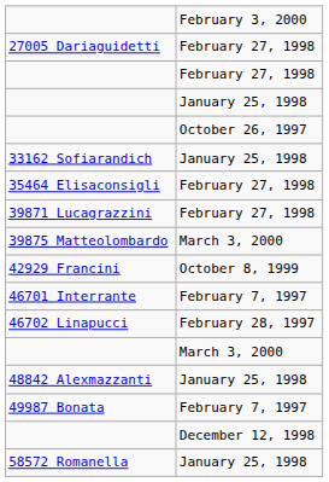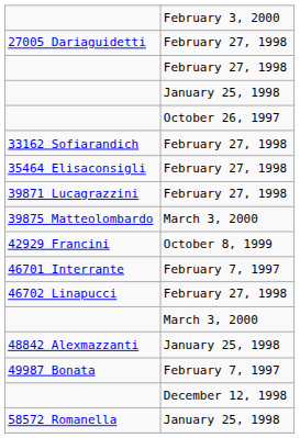 <table class="wikitable" style="font-size: 89%; float: left; width: 24em; margin-right: 1em; line-height: 1.6em !important;">
 <tr>
 <td> </td>
 <td>February 3, 2000</td>
 </tr>
 <tr>
 <td><a href='#'>27005 Dariaguidetti</a> </td>
 <td>February 27, 1998</td>
 </tr>
 <tr>
 <td> </td>
 <td>February 27, 1998</td>
 </tr>
 <tr>
 <td> </td>
 <td>January 25, 1998</td>
 </tr>
 <tr>
 <td> </td>
 <td>October 26, 1997</td>
 </tr>
 <tr>
 <td><a href='#'>33162 Sofiarandich</a> </td>
-<td>January 25, 1998</td>
+<td>February 27, 1998</td>
 </tr>
 <tr>
 <td><a href='#'>35464 Elisaconsigli</a> </td>
 <td>February 27, 1998</td>
 </tr>
 <tr>
 <td><a href='#'>39871 Lucagrazzini</a> </td>
 <td>February 27, 1998</td>
 </tr>
 <tr>
 <td><a href='#'>39875 Matteolombardo</a> </td>
 <td>March 3, 2000</td>
 </tr>
 <tr>
 <td><a href='#'>42929 Francini</a> </td>
 <td>October 8, 1999</td>
 </tr>
 <tr>
 <td><a href='#'>46701 Interrante</a> </td>
 <td>February 7, 1997</td>
 </tr>
 <tr>
 <td><a href='#'>46702 Linapucci</a> </td>
-<td>February 28, 1997</td>
+<td>February 27, 1998</td>
 </tr>
 <tr>
 <td> </td>
 <td>March 3, 2000</td>
 </tr>
 <tr>
 <td><a href='#'>48842 Alexmazzanti</a> </td>
 <td>January 25, 1998</td>
 </tr>
 <tr>
 <td><a href='#'>49987 Bonata</a> </td>
 <td>February 7, 1997</td>
 </tr>
 <tr>
 <td> </td>
 <td>December 12, 1998</td>
 </tr>
 <tr>
 <td><a href='#'>58572 Romanella</a> </td>
 <td>January 25, 1998</td>
 </tr>
 </table>
